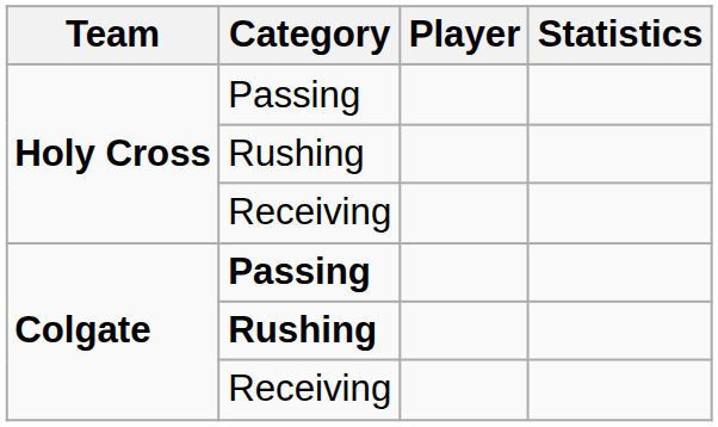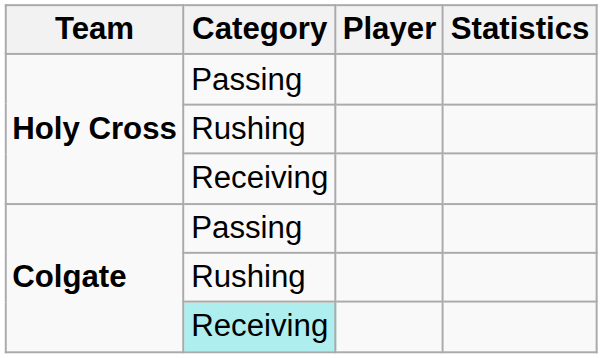 <table class="wikitable" style="float: right;">
 <tr>
 <th>Team</th>
 <th>Category</th>
 <th>Player</th>
 <th>Statistics</th>
 </tr>
 <tr>
 <td rowspan=3><strong>Holy Cross</strong></td>
 <td>Passing</td>
 <td></td>
 <td></td>
 </tr>
 <tr>
 <td>Rushing</td>
 <td></td>
 <td></td>
 </tr>
 <tr>
 <td>Receiving</td>
 <td></td>
 <td></td>
 </tr>
 <tr>
 <td rowspan=3><strong>Colgate</strong></td>
-<td><strong>Passing</strong></td>
+<td>Passing</td>
 <td></td>
 <td></td>
 </tr>
 <tr>
-<td><strong>Rushing</strong></td>
+<td>Rushing</td>
 <td></td>
 <td></td>
 </tr>
 <tr>
-<td>Receiving</td>
+<td style="background: paleturquoise;">Receiving</td>
 <td></td>
 <td></td>
 </tr>
 </table>
